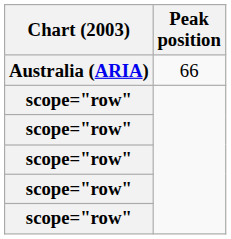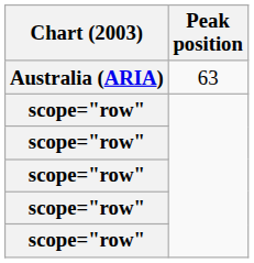 <table class="wikitable sortable plainrowheaders" style="text-align: center;">
 <tr>
 <th>Chart (2003)</th>
 <th>Peak<br>position</th>
 </tr>
 <tr>
 <th scope="row">Australia (<a href='#'>ARIA</a>)</th>
-<td>66</td>
+<td>63</td>
 </tr>
 <tr>
 <th>scope="row" </th>
 </tr>
 <tr>
 <th>scope="row" </th>
 </tr>
 <tr>
 <th>scope="row" </th>
 </tr>
 <tr>
 <th>scope="row" </th>
 </tr>
 <tr>
 <th>scope="row" </th>
 </tr>
 </table>
